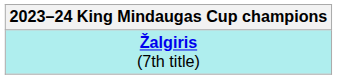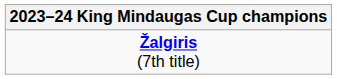 <table class=wikitable style="text-align:center; margin:auto">
 <tr>
 <th>2023–24 King Mindaugas Cup champions</th>
 </tr>
 <tr>
-<td style="background: paleturquoise;"><strong><a href='#'>Žalgiris</a></strong><br>(7th title)</td>
+<td><strong><a href='#'>Žalgiris</a></strong><br>(7th title)</td>
 </tr>
 </table>
